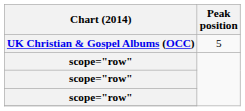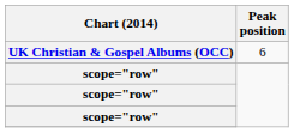 <table class="wikitable sortable plainrowheaders">
 <tr>
 <th scope="col">Chart (2014)</th>
 <th scope="col">Peak<br>position</th>
 </tr>
 <tr>
 <th scope="row"><a href='#'>UK Christian & Gospel Albums</a> (<a href='#'>OCC</a>)</th>
-<td align="center">5</td>
+<td align="center">6</td>
 </tr>
 <tr>
 <th>scope="row" </th>
 </tr>
 <tr>
 <th>scope="row" </th>
 </tr>
 <tr>
 <th>scope="row" </th>
 </tr>
 <tr>
 </tr>
 </table>
